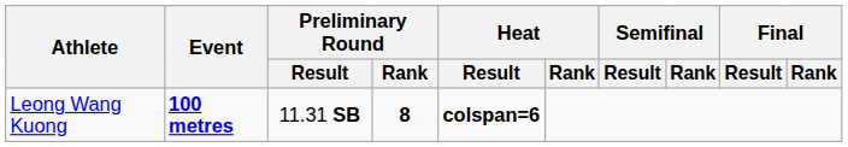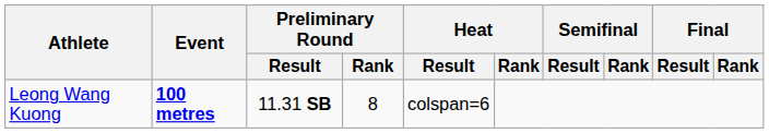 <table class="wikitable" style="font-size:90%">
 <tr>
 <th rowspan="2">Athlete</th>
 <th rowspan="2">Event</th>
 <th colspan="2">Preliminary Round</th>
 <th colspan="2">Heat</th>
 <th colspan="2">Semifinal</th>
 <th colspan="2">Final</th>
 </tr>
 <tr style="font-size:95%">
 <th>Result</th>
 <th>Rank</th>
 <th>Result</th>
 <th>Rank</th>
 <th>Result</th>
 <th>Rank</th>
 <th>Result</th>
 <th>Rank</th>
 </tr>
 <tr style=text-align:center>
 <td style=text-align:left><a href='#'>Leong Wang Kuong</a></td>
 <td style=text-align:left><strong><a href='#'>100 metres</a></strong></td>
 <td>11.31 <strong>SB</strong></td>
-<td><strong>8</strong></td>
-<td><strong>colspan=6 </strong></td>
+<td>8</td>
+<td>colspan=6 </td>
 </tr>
 </table>
